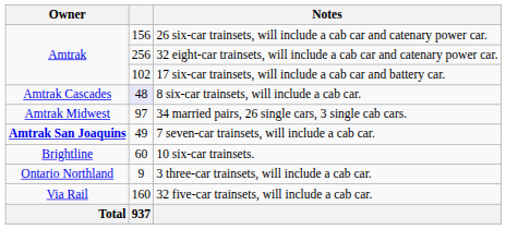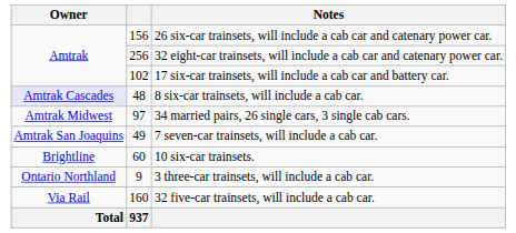 <table class="wikitable sortable mw-collapsible" style="text-align:center;margin:auto">
 <tr>
 <th>Owner</th>
 <th></th>
 <th>Notes</th>
 </tr>
 <tr>
 <td rowspan="3"><a href='#'>Amtrak</a></td>
 <td>156</td>
 <td style="text-align:left">26 six-car trainsets, will include a cab car and catenary power car.</td>
 </tr>
 <tr>
 <td>256</td>
 <td style="text-align:left">32 eight-car trainsets, will include a cab car and catenary power car.</td>
 </tr>
 <tr>
 <td>102</td>
 <td style="text-align:left">17 six-car trainsets, will include a cab car and battery car.</td>
 </tr>
 <tr>
-<td><a href='#'>Amtrak Cascades</a></td>
-<td style="background: lavender;">48</td>
+<td style="background: lavender;"><a href='#'>Amtrak Cascades</a></td>
+<td>48</td>
 <td style="text-align:left">8 six-car trainsets, will include a cab car.</td>
 </tr>
 <tr>
 <td><a href='#'>Amtrak Midwest</a></td>
 <td>97</td>
 <td style="text-align:left">34 married pairs, 26 single cars, 3 single cab cars.</td>
 </tr>
 <tr>
-<td><strong><a href='#'>Amtrak San Joaquins</a></strong></td>
+<td><a href='#'>Amtrak San Joaquins</a></td>
 <td>49</td>
 <td style="text-align:left">7 seven-car trainsets, will include a cab car.</td>
 </tr>
 <tr>
 <td><a href='#'>Brightline</a></td>
 <td>60</td>
 <td style="text-align:left">10 six-car trainsets.</td>
 </tr>
 <tr>
 <td><a href='#'>Ontario Northland</a></td>
 <td>9</td>
 <td style="text-align:left">3 three-car trainsets, will include a cab car.</td>
 </tr>
 <tr>
 <td><a href='#'>Via Rail</a></td>
 <td>160</td>
 <td style="text-align:left">32 five-car trainsets, will include a cab car.</td>
 </tr>
 <tr>
 <th style="text-align:right">Total</th>
 <th>937</th>
 <th></th>
 </tr>
 </table>
